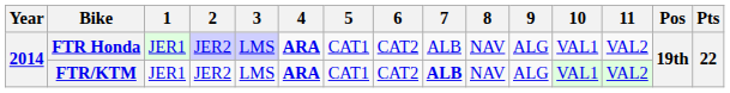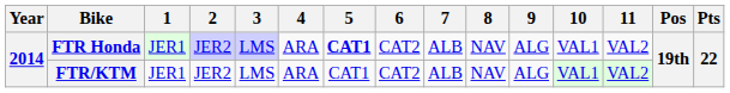 <table class="wikitable" style="text-align:center">
 <tr>
 <th>Year</th>
 <th>Bike</th>
 <th>1</th>
 <th>2</th>
 <th>3</th>
 <th>4</th>
 <th>5</th>
 <th>6</th>
 <th>7</th>
 <th>8</th>
 <th>9</th>
 <th>10</th>
 <th>11</th>
 <th>Pos</th>
 <th>Pts</th>
 </tr>
 <tr>
 <th rowspan=2><a href='#'>2014</a></th>
 <th><a href='#'>FTR Honda</a></th>
 <td style="background:#dfffdf;"><a href='#'>JER1</a><br></td>
 <td style="background:#cfcfff;"><a href='#'>JER2</a><br></td>
 <td style="background:#cfcfff;"><a href='#'>LMS</a><br></td>
-<td style="background:#;"><strong><a href='#'>ARA</a><br></strong></td>
-<td style="background:#;"><a href='#'>CAT1</a><br></td>
+<td style="background:#;"><a href='#'>ARA</a><br></td>
+<td style="background:#;"><strong><a href='#'>CAT1</a><br></strong></td>
 <td style="background:#;"><a href='#'>CAT2</a><br></td>
 <td style="background:#;"><a href='#'>ALB</a><br></td>
 <td style="background:#;"><a href='#'>NAV</a><br></td>
 <td style="background:#;"><a href='#'>ALG</a><br></td>
 <td style="background:#;"><a href='#'>VAL1</a><br></td>
 <td style="background:#;"><a href='#'>VAL2</a><br></td>
 <th rowspan=2 style="background:#;">19th</th>
 <th rowspan=2 style="background:#;">22</th>
 </tr>
 <tr>
 <th><a href='#'>FTR/KTM</a></th>
 <td style="background:#;"><a href='#'>JER1</a><br></td>
 <td style="background:#;"><a href='#'>JER2</a><br></td>
 <td style="background:#;"><a href='#'>LMS</a><br></td>
-<td style="background:#;"><strong><a href='#'>ARA</a><br></strong></td>
+<td style="background:#;"><a href='#'>ARA</a><br></td>
 <td style="background:#;"><a href='#'>CAT1</a><br></td>
 <td style="background:#;"><a href='#'>CAT2</a><br></td>
-<td style="background:#=;"><strong><a href='#'>ALB</a><br></strong></td>
+<td style="background:#=;"><a href='#'>ALB</a><br></td>
 <td style="background:#;"><a href='#'>NAV</a><br></td>
 <td style="background:#;"><a href='#'>ALG</a><br></td>
 <td style="background:#dfffdf;"><a href='#'>VAL1</a><br></td>
 <td style="background:#dfffdf;"><a href='#'>VAL2</a><br></td>
 </tr>
 </table>
